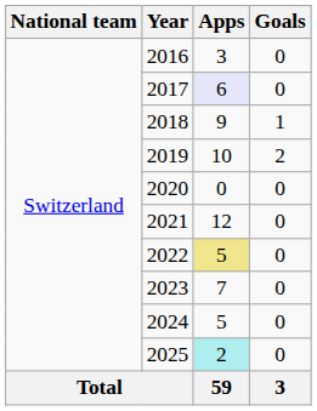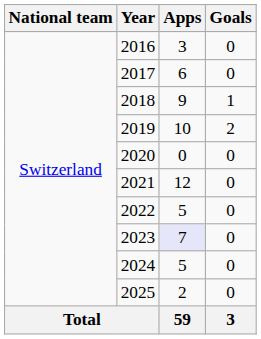 <table class="wikitable" style="text-align:center">
 <tr>
 <th>National team</th>
 <th>Year</th>
 <th>Apps</th>
 <th>Goals</th>
 </tr>
 <tr>
 <td rowspan="10"><a href='#'>Switzerland</a></td>
 <td>2016</td>
 <td>3</td>
 <td>0</td>
 </tr>
 <tr>
 <td>2017</td>
-<td style="background: lavender;">6</td>
+<td>6</td>
 <td>0</td>
 </tr>
 <tr>
 <td>2018</td>
 <td>9</td>
 <td>1</td>
 </tr>
 <tr>
 <td>2019</td>
 <td>10</td>
 <td>2</td>
 </tr>
 <tr>
 <td>2020</td>
 <td>0</td>
 <td>0</td>
 </tr>
 <tr>
 <td>2021</td>
 <td>12</td>
 <td>0</td>
 </tr>
 <tr>
 <td>2022</td>
-<td style="background: khaki;">5</td>
+<td>5</td>
 <td>0</td>
 </tr>
 <tr>
 <td>2023</td>
-<td>7</td>
+<td style="background: lavender;">7</td>
 <td>0</td>
 </tr>
 <tr>
 <td>2024</td>
 <td>5</td>
 <td>0</td>
 </tr>
 <tr>
 <td>2025</td>
-<td style="background: paleturquoise;">2</td>
+<td>2</td>
 <td>0</td>
 </tr>
 <tr>
 <th colspan="2">Total</th>
 <th>59</th>
 <th>3</th>
 </tr>
 </table>
